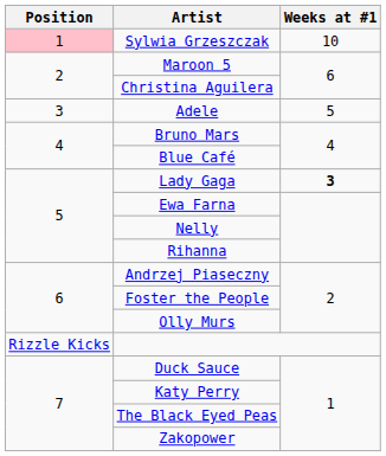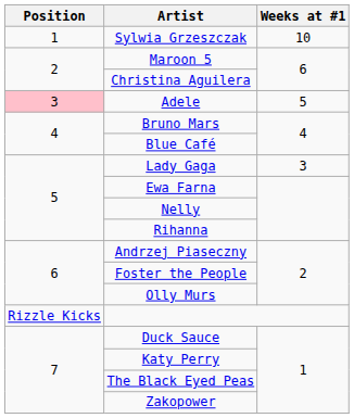 <table class="wikitable" style="font-size:97%; text-align:center;">
 <tr>
 <th>Position</th>
 <th>Artist</th>
 <th>Weeks at #1</th>
 </tr>
 <tr>
-<td style="background: pink;">1</td>
+<td>1</td>
 <td><a href='#'>Sylwia Grzeszczak</a></td>
 <td>10</td>
 </tr>
 <tr>
 <td rowspan="2">2</td>
 <td><a href='#'>Maroon 5</a></td>
 <td rowspan="2">6</td>
 </tr>
 <tr>
 <td><a href='#'>Christina Aguilera</a></td>
 </tr>
 <tr>
-<td>3</td>
+<td style="background: pink;">3</td>
 <td><a href='#'>Adele</a></td>
 <td>5</td>
 </tr>
 <tr>
 <td rowspan="2">4</td>
 <td><a href='#'>Bruno Mars</a></td>
 <td rowspan="2">4</td>
 </tr>
 <tr>
 <td><a href='#'>Blue Café</a></td>
 </tr>
 <tr>
 <td rowspan="4">5</td>
 <td><a href='#'>Lady Gaga</a></td>
-<td><strong>3</strong></td>
+<td>3</td>
 </tr>
 <tr>
 <td><a href='#'>Ewa Farna</a></td>
 </tr>
 <tr>
 <td><a href='#'>Nelly</a></td>
 </tr>
 <tr>
 <td><a href='#'>Rihanna</a></td>
 </tr>
 <tr>
 <td rowspan="3">6</td>
 <td><a href='#'>Andrzej Piaseczny</a></td>
 <td rowspan="3">2</td>
 </tr>
 <tr>
 <td><a href='#'>Foster the People</a></td>
 </tr>
 <tr>
 <td><a href='#'>Olly Murs</a></td>
 </tr>
 <tr>
 <td><a href='#'>Rizzle Kicks</a></td>
 </tr>
 <tr>
 <td rowspan="5">7</td>
 <td><a href='#'>Duck Sauce</a></td>
 <td rowspan="5">1</td>
 </tr>
 <tr>
 <td><a href='#'>Katy Perry</a></td>
 </tr>
 <tr>
 <td><a href='#'>The Black Eyed Peas</a></td>
 </tr>
 <tr>
 <td><a href='#'>Zakopower</a></td>
 </tr>
 </table>
